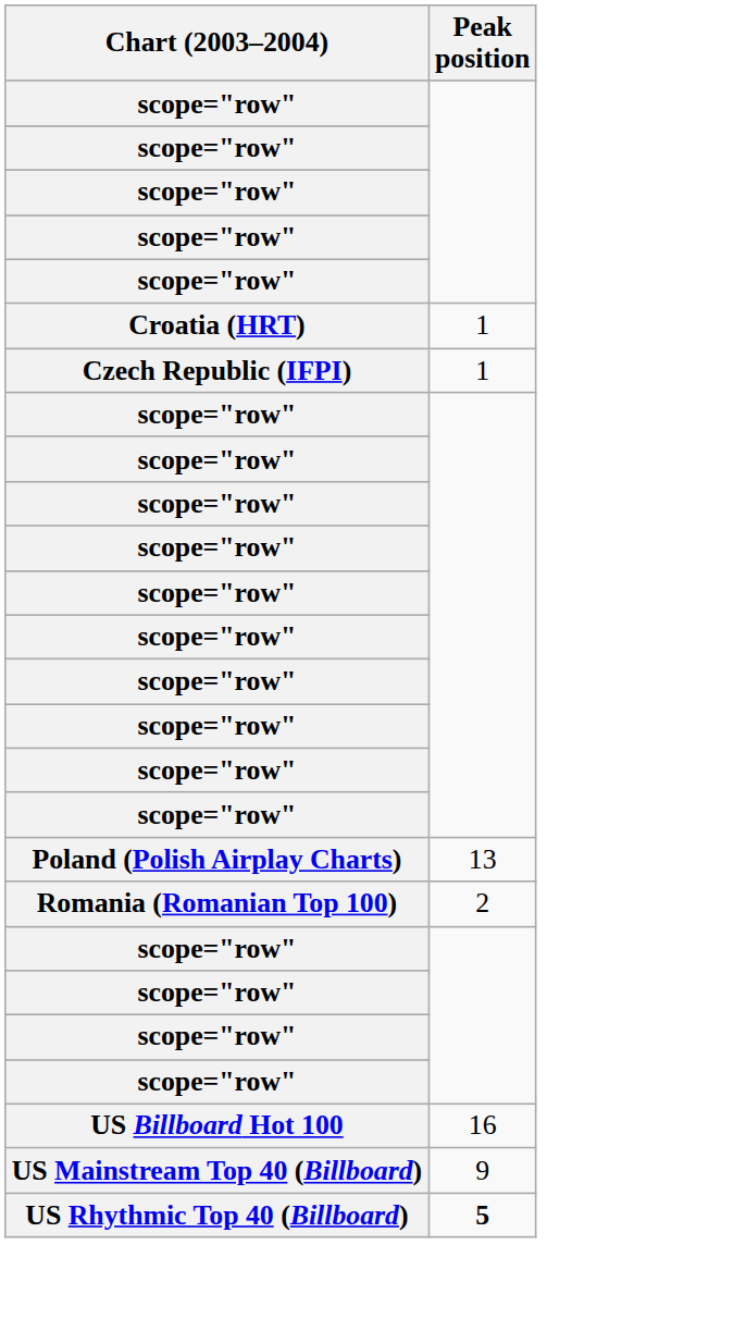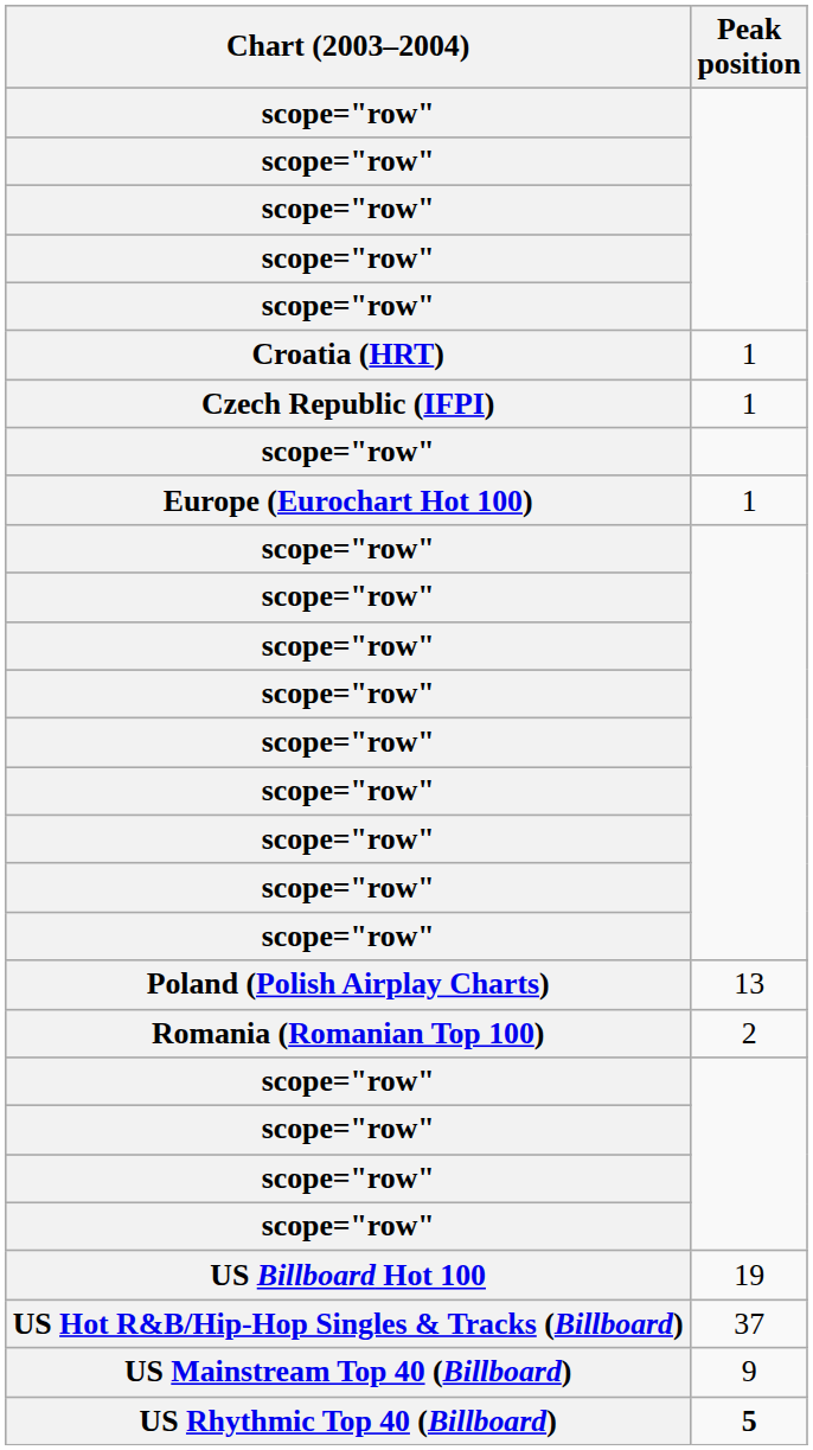 <table class="wikitable sortable plainrowheaders" style="text-align:center">
 <tr>
 <th scope="col">Chart (2003–2004)</th>
 <th scope="col">Peak<br>position</th>
 </tr>
 <tr>
 <th>scope="row"</th>
 </tr>
 <tr>
 <th>scope="row"</th>
 </tr>
 <tr>
 <th>scope="row"</th>
 </tr>
 <tr>
 <th>scope="row"</th>
 </tr>
 <tr>
 <th>scope="row"</th>
 </tr>
 <tr>
 <th scope="row">Croatia (<a href='#'>HRT</a>)</th>
 <td>1</td>
 </tr>
 <tr>
 <th scope="row">Czech Republic (<a href='#'>IFPI</a>)</th>
 <td>1</td>
 </tr>
 <tr>
 <th>scope="row"</th>
+</tr>
+<tr>
+<th scope="row">Europe (<a href='#'>Eurochart Hot 100</a>)</th>
+<td>1</td>
 </tr>
 <tr>
 <th>scope="row"</th>
 </tr>
 <tr>
 <th>scope="row"</th>
 </tr>
 <tr>
 <th>scope="row"</th>
 </tr>
 <tr>
 <th>scope="row"</th>
 </tr>
 <tr>
 <th>scope="row"</th>
 </tr>
 <tr>
 <th>scope="row"</th>
 </tr>
 <tr>
 <th>scope="row"</th>
 </tr>
 <tr>
 <th>scope="row"</th>
 </tr>
 <tr>
 <th>scope="row"</th>
 </tr>
 <tr>
 <th scope="row">Poland (<a href='#'>Polish Airplay Charts</a>)</th>
 <td>13</td>
 </tr>
 <tr>
 <th scope="row">Romania (<a href='#'>Romanian Top 100</a>)</th>
 <td>2</td>
 </tr>
 <tr>
 <th>scope="row"</th>
 </tr>
 <tr>
 <th>scope="row"</th>
 </tr>
 <tr>
 <th>scope="row"</th>
 </tr>
 <tr>
 <th>scope="row"</th>
 </tr>
 <tr>
 <th scope="row">US <a href='#'><em>Billboard</em> Hot 100</a></th>
-<td>16</td>
+<td>19</td>
+</tr>
+<tr>
+<th scope="row">US <a href='#'>Hot R&B/Hip-Hop Singles & Tracks</a> (<em><a href='#'>Billboard</a></em>)</th>
+<td>37</td>
 </tr>
 <tr>
 <th scope="row">US <a href='#'>Mainstream Top 40</a> (<em><a href='#'>Billboard</a></em>)</th>
 <td>9</td>
 </tr>
 <tr>
 <th scope="row">US <a href='#'>Rhythmic Top 40</a> (<em><a href='#'>Billboard</a></em>)</th>
 <td><strong>5</strong></td>
 </tr>
 </table>
